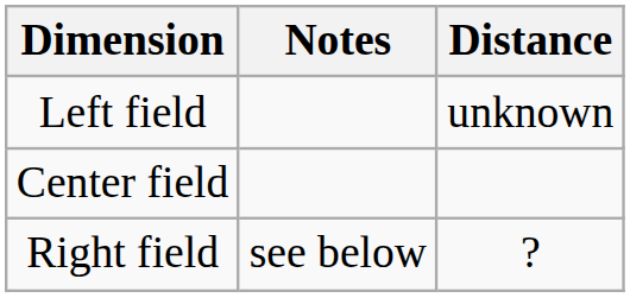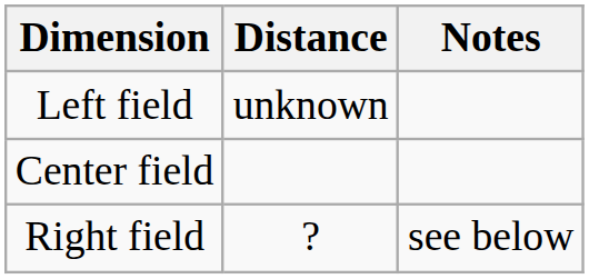 <table class="wikitable" style="text-align:center">
 <tr>
 <th>Dimension</th>
+<th>Distance</th>
 <th>Notes</th>
-<th>Distance</th>
 </tr>
 <tr>
 <td>Left field</td>
+<td>unknown</td>
 <td></td>
-<td>unknown</td>
 </tr>
 <tr>
 <td>Center field</td>
 <td></td>
 <td></td>
 </tr>
 <tr>
 <td>Right field</td>
+<td> ?</td>
 <td>see below</td>
-<td> ?</td>
 </tr>
 </table>
